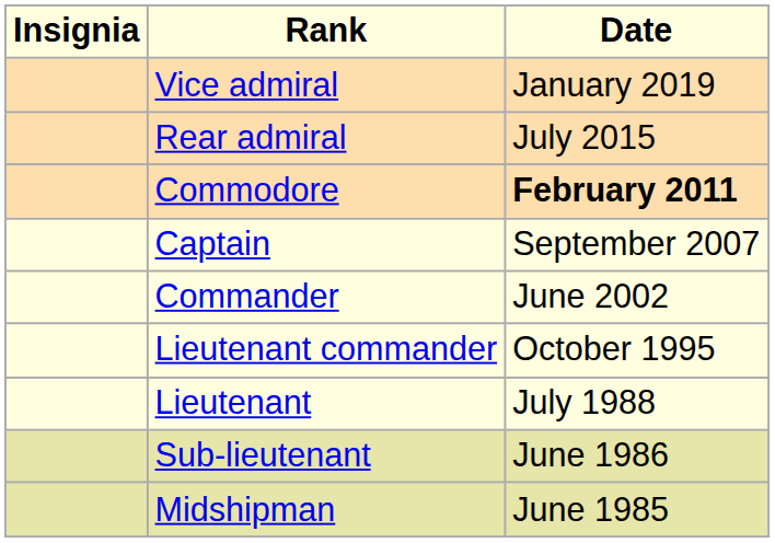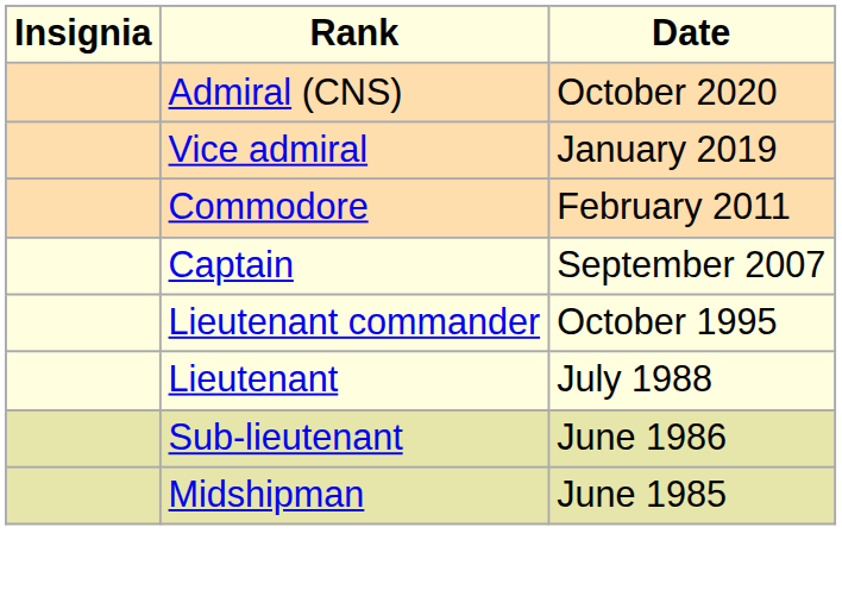 <table class="wikitable">
 <tr>
 <th style="background:#FFFFE0">Insignia</th>
 <th style="background:#FFFFE0">Rank</th>
 <th style="background:#FFFFE0">Date</th>
 </tr>
 <tr>
 <td style="background:#FFDEAD;"> </td>
+<td style="background:#FFDEAD;"><a href='#'>Admiral</a> (CNS)</td>
+<td style="background:#FFDEAD;">October 2020</td>
+</tr>
+<tr>
+<td style="background:#FFDEAD;"> </td>
 <td style="background:#FFDEAD;"><a href='#'>Vice admiral</a></td>
 <td style="background:#FFDEAD;">January 2019</td>
 </tr>
 <tr>
 <td style="background:#FFDEAD;"> </td>
-<td style="background:#FFDEAD;"><a href='#'>Rear admiral</a></td>
-<td style="background:#FFDEAD;">July 2015</td>
-</tr>
-<tr>
-<td style="background:#FFDEAD;"> </td>
 <td style="background:#FFDEAD;"><a href='#'>Commodore</a></td>
-<td style="background:#FFDEAD;"><strong>February 2011</strong></td>
+<td style="background:#FFDEAD;">February 2011</td>
 </tr>
 <tr>
 <td style="background:#FFFFE0;"></td>
 <td style="background:#FFFFE0;"><a href='#'>Captain</a></td>
 <td style="background:#FFFFE0;">September 2007</td>
-</tr>
-<tr>
-<td style="background:#FFFFE0;"></td>
-<td style="background:#FFFFE0;"><a href='#'>Commander</a></td>
-<td style="background:#FFFFE0;">June 2002</td>
 </tr>
 <tr>
 <td style="background:#FFFFE0;"></td>
 <td style="background:#FFFFE0;"><a href='#'>Lieutenant commander</a></td>
 <td style="background:#FFFFE0;">October 1995</td>
 </tr>
 <tr>
 <td style="background:#FFFFE0;"></td>
 <td style="background:#FFFFE0;"><a href='#'>Lieutenant</a></td>
 <td style="background:#FFFFE0;">July 1988</td>
 </tr>
 <tr>
 <td style="background:#e6e6aa;"></td>
 <td style="background:#e6e6aa;"><a href='#'>Sub-lieutenant</a></td>
 <td style="background:#e6e6aa;">June 1986</td>
 </tr>
 <tr>
 <td style="background:#e6e6aa;"></td>
 <td style="background:#e6e6aa;"><a href='#'>Midshipman</a></td>
 <td style="background:#e6e6aa;">June 1985</td>
 </tr>
 </table>
